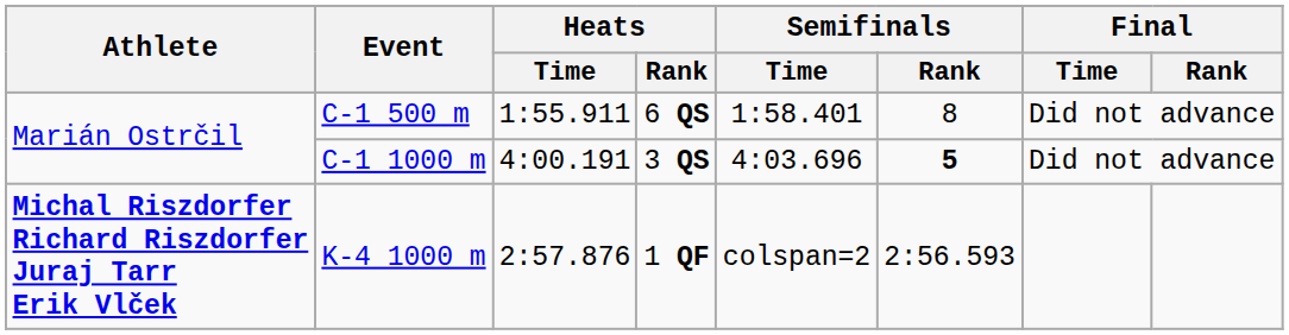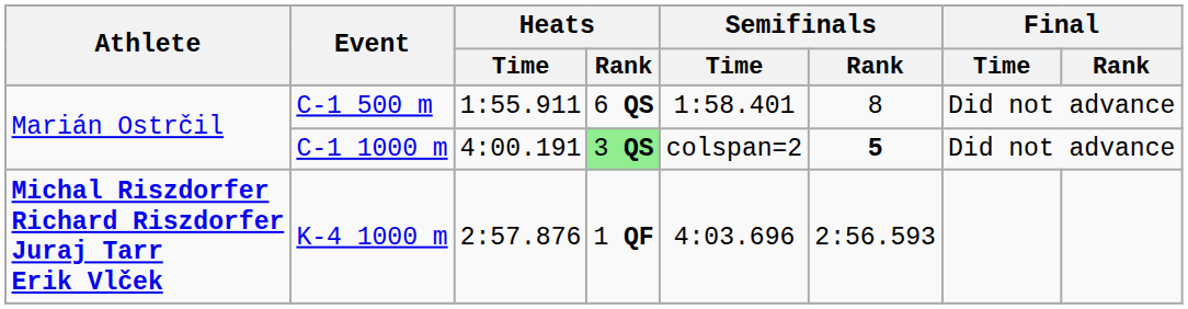 <table class=wikitable style="font-size:90%">
 <tr>
 <th rowspan="2">Athlete</th>
 <th rowspan="2">Event</th>
 <th colspan="2">Heats</th>
 <th colspan="2">Semifinals</th>
 <th colspan="2">Final</th>
 </tr>
 <tr style="font-size:95%">
 <th>Time</th>
 <th>Rank</th>
 <th>Time</th>
 <th>Rank</th>
 <th>Time</th>
 <th>Rank</th>
 </tr>
 <tr align=center>
 <td align=left rowspan=2><a href='#'>Marián Ostrčil</a></td>
 <td align=left><a href='#'>C-1 500 m</a></td>
 <td>1:55.911</td>
 <td>6 <strong>QS</strong></td>
 <td>1:58.401</td>
 <td>8</td>
 <td colspan=2>Did not advance</td>
 </tr>
 <tr align=center>
 <td align=left><a href='#'>C-1 1000 m</a></td>
 <td>4:00.191</td>
-<td>3 <strong>QS</strong></td>
-<td>4:03.696</td>
+<td style="background: lightgreen;">3 <strong>QS</strong></td>
+<td>colspan=2 </td>
 <td><strong>5</strong></td>
 <td colspan=2>Did not advance</td>
 </tr>
 <tr align=center>
 <td align=left><strong><a href='#'>Michal Riszdorfer</a> <br><a href='#'>Richard Riszdorfer</a><br><a href='#'>Juraj Tarr</a><br><a href='#'>Erik Vlček</a></strong></td>
 <td align=left><a href='#'>K-4 1000 m</a></td>
 <td>2:57.876</td>
 <td>1 <strong>QF</strong></td>
-<td>colspan=2 </td>
+<td>4:03.696</td>
 <td>2:56.593</td>
 <td></td>
 </tr>
 </table>
